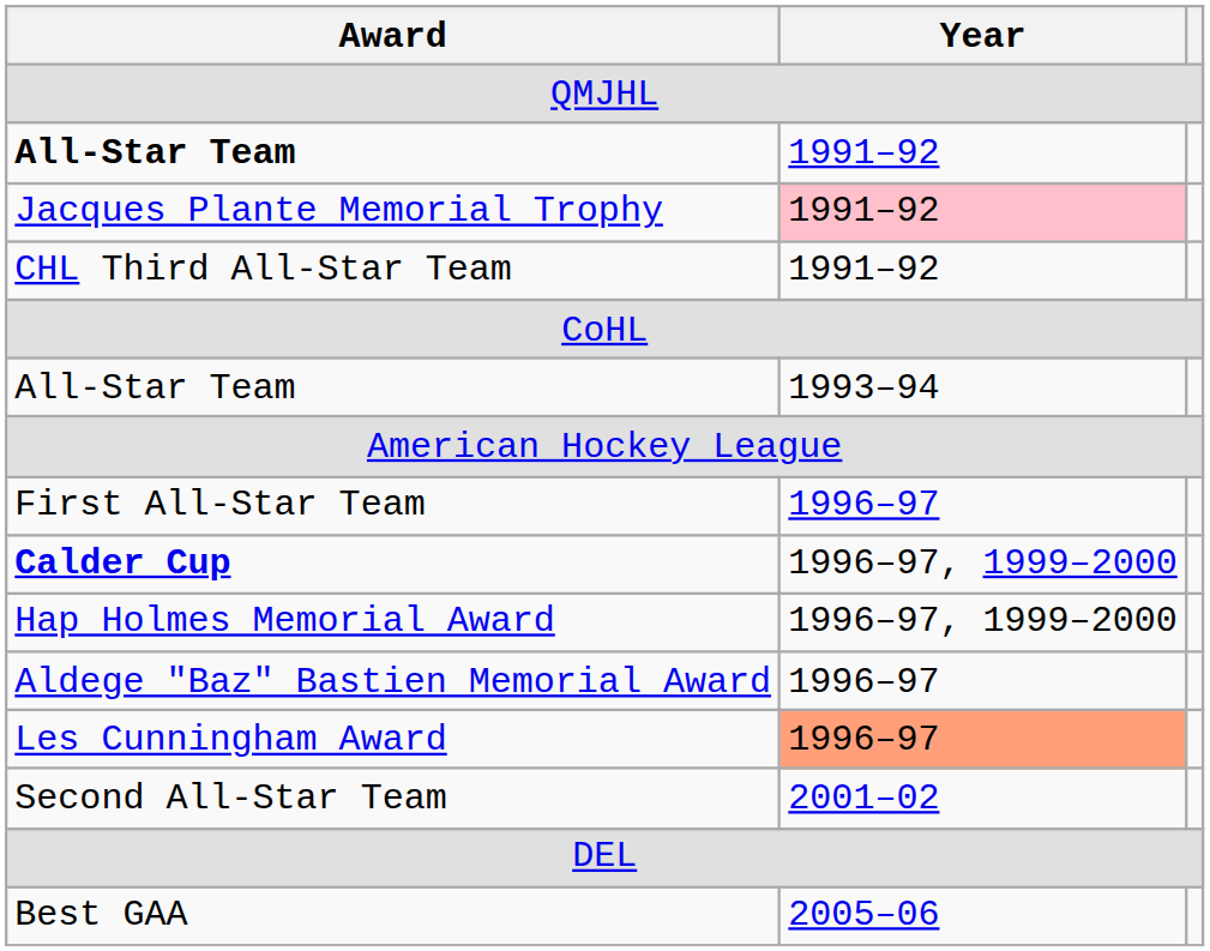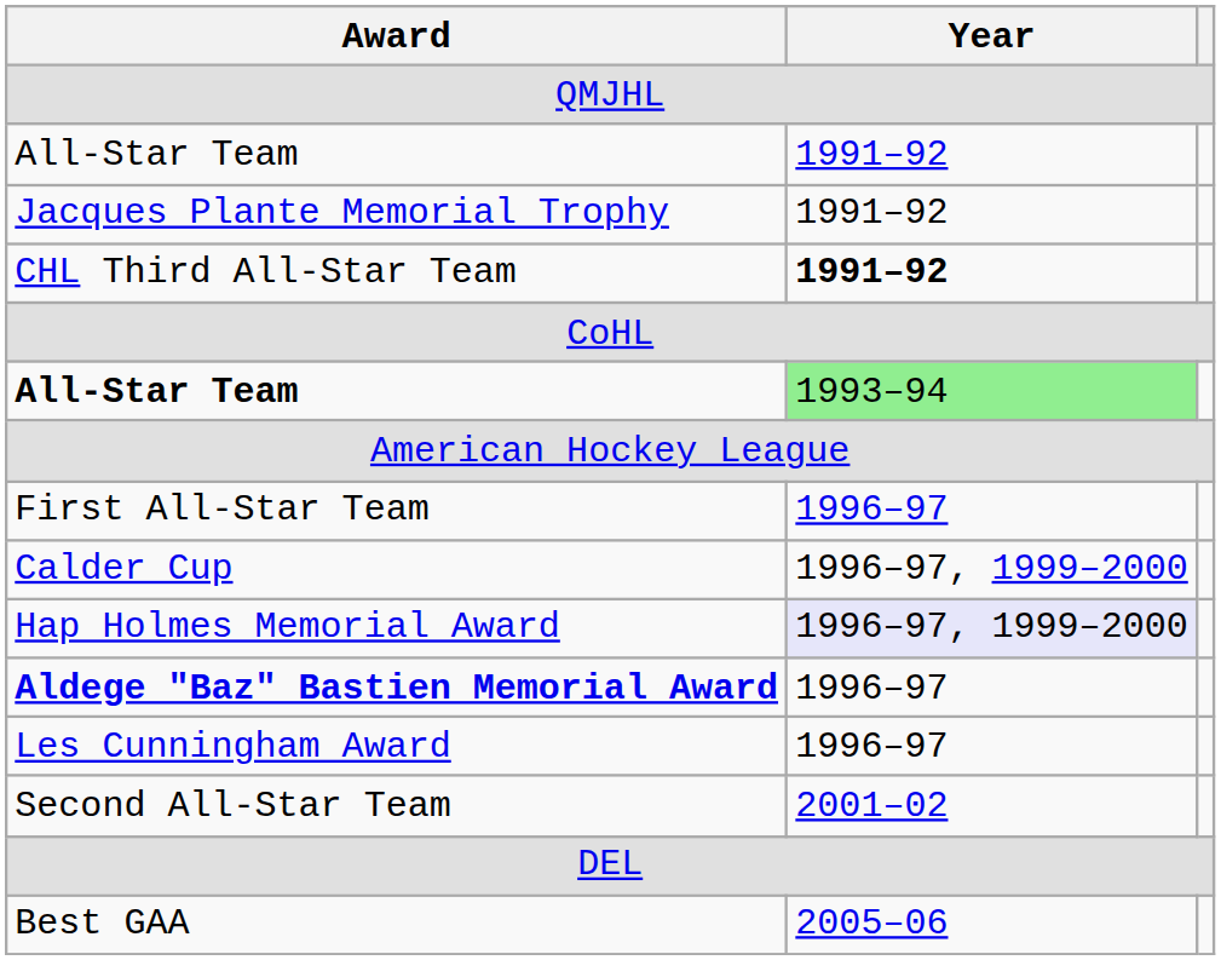 <table class="wikitable">
 <tr>
 <th>Award</th>
 <th>Year</th>
 <th></th>
 </tr>
 <tr ALIGN="center" bgcolor="#e0e0e0">
 <td colspan="3"><a href='#'>QMJHL</a></td>
 </tr>
 <tr>
-<td><strong>All-Star Team</strong></td>
+<td>All-Star Team</td>
 <td><a href='#'>1991–92</a></td>
 <td></td>
 </tr>
 <tr>
 <td><a href='#'>Jacques Plante Memorial Trophy</a></td>
-<td style="background: pink;">1991–92</td>
+<td>1991–92</td>
 <td></td>
 </tr>
 <tr>
 <td><a href='#'>CHL</a> Third All-Star Team</td>
-<td>1991–92</td>
+<td><strong>1991–92</strong></td>
 <td></td>
 </tr>
 <tr ALIGN="center" bgcolor="#e0e0e0">
 <td colspan="3"><a href='#'>CoHL</a></td>
 </tr>
 <tr>
-<td>All-Star Team</td>
-<td>1993–94</td>
+<td><strong>All-Star Team</strong></td>
+<td style="background: lightgreen;">1993–94</td>
 <td></td>
 </tr>
 <tr ALIGN="center" bgcolor="#e0e0e0">
 <td colspan="3"><a href='#'>American Hockey League</a></td>
 </tr>
 <tr>
 <td>First All-Star Team</td>
 <td><a href='#'>1996–97</a></td>
 <td></td>
 </tr>
 <tr>
-<td><strong><a href='#'>Calder Cup</a></strong></td>
+<td><a href='#'>Calder Cup</a></td>
 <td>1996–97, <a href='#'>1999–2000</a></td>
 <td></td>
 </tr>
 <tr>
 <td><a href='#'>Hap Holmes Memorial Award</a></td>
-<td>1996–97, 1999–2000</td>
+<td style="background: lavender;">1996–97, 1999–2000</td>
 <td></td>
 </tr>
 <tr>
-<td><a href='#'>Aldege "Baz" Bastien Memorial Award</a></td>
+<td><strong><a href='#'>Aldege "Baz" Bastien Memorial Award</a></strong></td>
 <td>1996–97</td>
 <td></td>
 </tr>
 <tr>
 <td><a href='#'>Les Cunningham Award</a></td>
-<td style="background: lightsalmon;">1996–97</td>
+<td>1996–97</td>
 <td></td>
 </tr>
 <tr>
 <td>Second All-Star Team</td>
 <td><a href='#'>2001–02</a></td>
 <td></td>
 </tr>
 <tr ALIGN="center" bgcolor="#e0e0e0">
 <td colspan="3"><a href='#'>DEL</a></td>
 </tr>
 <tr>
 <td>Best GAA</td>
 <td><a href='#'>2005–06</a></td>
 <td></td>
 </tr>
 </table>
